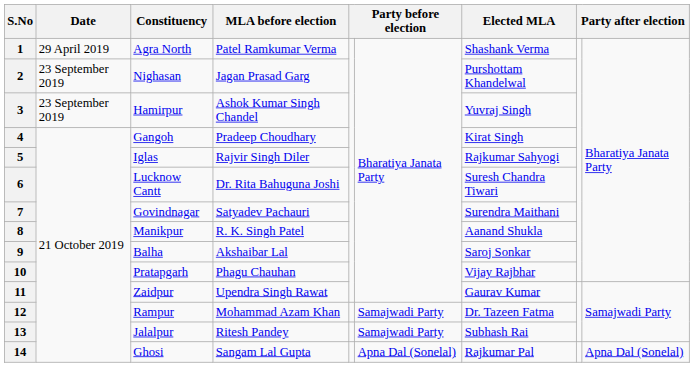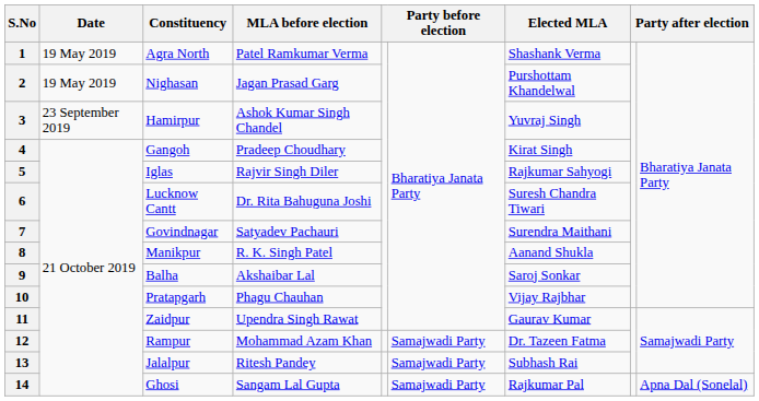 <table class="wikitable sortable">
 <tr>
 <th>S.No</th>
 <th>Date</th>
 <th>Constituency</th>
 <th>MLA before election</th>
 <th colspan="2">Party before election</th>
 <th>Elected MLA</th>
 <th colspan="2">Party after election</th>
 </tr>
 <tr>
 <th>1</th>
-<td>29 April 2019</td>
+<td>19 May 2019</td>
 <td><a href='#'>Agra North</a></td>
 <td><a href='#'>Patel Ramkumar Verma</a></td>
 <td rowspan="11"></td>
 <td rowspan="11"><a href='#'>Bharatiya Janata Party</a></td>
 <td><a href='#'>Shashank Verma</a></td>
 <td rowspan="10"></td>
 <td rowspan="10"><a href='#'>Bharatiya Janata Party</a></td>
 </tr>
 <tr>
 <th>2</th>
-<td>23 September 2019</td>
+<td>19 May 2019</td>
 <td><a href='#'>Nighasan</a></td>
 <td><a href='#'>Jagan Prasad Garg</a></td>
 <td><a href='#'>Purshottam Khandelwal</a></td>
 </tr>
 <tr>
 <th>3</th>
 <td>23 September 2019</td>
 <td><a href='#'>Hamirpur</a></td>
 <td><a href='#'>Ashok Kumar Singh Chandel</a></td>
 <td><a href='#'>Yuvraj Singh</a></td>
 </tr>
 <tr>
 <th>4</th>
 <td rowspan="11">21 October 2019</td>
 <td><a href='#'>Gangoh</a></td>
 <td><a href='#'>Pradeep Choudhary</a></td>
 <td><a href='#'>Kirat Singh</a></td>
 </tr>
 <tr>
 <th>5</th>
 <td><a href='#'>Iglas</a></td>
 <td><a href='#'>Rajvir Singh Diler</a></td>
 <td><a href='#'>Rajkumar Sahyogi</a></td>
 </tr>
 <tr>
 <th>6</th>
 <td><a href='#'>Lucknow Cantt</a></td>
 <td><a href='#'>Dr. Rita Bahuguna Joshi</a></td>
 <td><a href='#'>Suresh Chandra Tiwari</a></td>
 </tr>
 <tr>
 <th>7</th>
 <td><a href='#'>Govindnagar</a></td>
 <td><a href='#'>Satyadev Pachauri</a></td>
 <td><a href='#'>Surendra Maithani</a></td>
 </tr>
 <tr>
 <th>8</th>
 <td><a href='#'>Manikpur</a></td>
 <td><a href='#'>R. K. Singh Patel</a></td>
 <td><a href='#'>Aanand Shukla</a></td>
 </tr>
 <tr>
 <th>9</th>
 <td><a href='#'>Balha</a></td>
 <td><a href='#'>Akshaibar Lal</a></td>
 <td><a href='#'>Saroj Sonkar</a></td>
 </tr>
 <tr>
 <th>10</th>
 <td><a href='#'>Pratapgarh</a></td>
 <td><a href='#'>Phagu Chauhan</a></td>
 <td><a href='#'>Vijay Rajbhar</a></td>
 </tr>
 <tr>
 <th>11</th>
 <td><a href='#'>Zaidpur</a></td>
 <td><a href='#'>Upendra Singh Rawat</a></td>
 <td><a href='#'>Gaurav Kumar</a></td>
 <td rowspan="3"></td>
 <td rowspan="3"><a href='#'>Samajwadi Party</a></td>
 </tr>
 <tr>
 <th>12</th>
 <td><a href='#'>Rampur</a></td>
 <td><a href='#'>Mohammad Azam Khan</a></td>
 <td></td>
 <td><a href='#'>Samajwadi Party</a></td>
 <td><a href='#'>Dr. Tazeen Fatma</a></td>
 </tr>
 <tr>
 <th>13</th>
 <td><a href='#'>Jalalpur</a></td>
 <td><a href='#'>Ritesh Pandey</a></td>
 <td></td>
 <td><a href='#'>Samajwadi Party</a></td>
 <td><a href='#'>Subhash Rai</a></td>
 </tr>
 <tr>
 <th>14</th>
 <td><a href='#'>Ghosi</a></td>
 <td><a href='#'>Sangam Lal Gupta</a></td>
 <td></td>
-<td><a href='#'>Apna Dal (Sonelal)</a></td>
+<td><a href='#'>Samajwadi Party</a></td>
 <td><a href='#'>Rajkumar Pal</a></td>
 <td></td>
 <td><a href='#'>Apna Dal (Sonelal)</a></td>
 </tr>
 </table>
